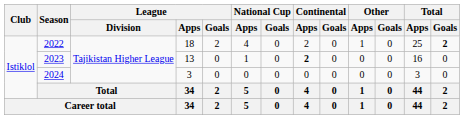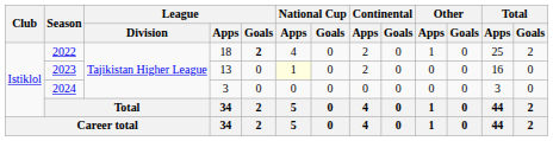 <table class="wikitable" style="text-align: center;">
 <tr>
 <th rowspan="2">Club</th>
 <th rowspan="2">Season</th>
 <th colspan="3">League</th>
 <th colspan="2">National Cup</th>
 <th colspan="2">Continental</th>
 <th colspan="2">Other</th>
 <th colspan="2">Total</th>
 </tr>
 <tr>
 <th>Division</th>
 <th>Apps</th>
 <th>Goals</th>
 <th>Apps</th>
 <th>Goals</th>
 <th>Apps</th>
 <th>Goals</th>
 <th>Apps</th>
 <th>Goals</th>
 <th>Apps</th>
 <th>Goals</th>
 </tr>
 <tr>
 <td rowspan="4" valign="center"><a href='#'>Istiklol</a></td>
 <td><a href='#'>2022</a></td>
 <td rowspan="3" valign="center"><a href='#'>Tajikistan Higher League</a></td>
 <td>18</td>
-<td>2</td>
+<td><strong>2</strong></td>
 <td>4</td>
 <td>0</td>
 <td>2</td>
 <td>0</td>
 <td>1</td>
 <td>0</td>
 <td>25</td>
-<td><strong>2</strong></td>
+<td>2</td>
 </tr>
 <tr>
 <td><a href='#'>2023</a></td>
 <td>13</td>
 <td>0</td>
-<td>1</td>
+<td style="background: lightyellow;">1</td>
 <td>0</td>
-<td><strong>2</strong></td>
+<td>2</td>
 <td>0</td>
 <td>0</td>
 <td>0</td>
 <td>16</td>
 <td>0</td>
 </tr>
 <tr>
 <td><a href='#'>2024</a></td>
 <td>3</td>
 <td>0</td>
 <td>0</td>
 <td>0</td>
 <td>0</td>
 <td>0</td>
 <td>0</td>
 <td>0</td>
 <td>3</td>
 <td>0</td>
 </tr>
 <tr>
 <th colspan="2">Total</th>
 <th>34</th>
 <th>2</th>
 <th>5</th>
 <th>0</th>
 <th>4</th>
 <th>0</th>
 <th>1</th>
 <th>0</th>
 <th>44</th>
 <th>2</th>
 </tr>
 <tr>
 <th colspan="3">Career total</th>
 <th>34</th>
 <th>2</th>
 <th>5</th>
 <th>0</th>
 <th>4</th>
 <th>0</th>
 <th>1</th>
 <th>0</th>
 <th>44</th>
 <th>2</th>
 </tr>
 </table>
